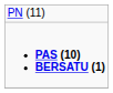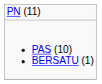 <table class="wikitable">
 <tr>
 <td> <a href='#'>PN</a> (11)</td>
 </tr>
 <tr>
-<td><strong><br><ul><li> <a href='#'>PAS</a> (10)</li><li> <a href='#'>BERSATU</a> (1)</li></ul></strong></td>
+<td><br><ul><li> <a href='#'>PAS</a> (10)</li><li> <a href='#'>BERSATU</a> (1)</li></ul></td>
 </tr>
 <tr>
 </tr>
 </table>
